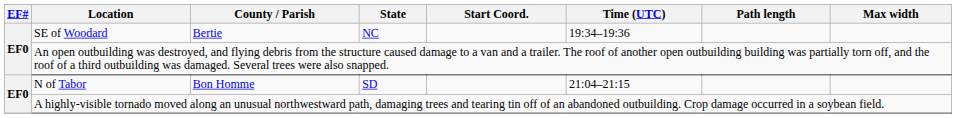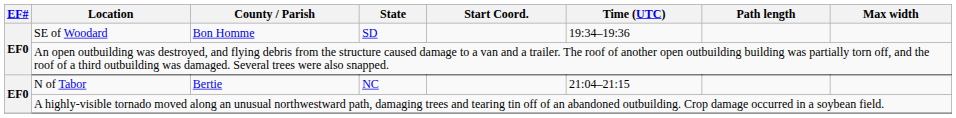 <table class="wikitable sortable" style="width:100%;">
 <tr>
 <th scope="col" width="2%" align="center"><a href='#'>EF#</a></th>
 <th scope="col" align="center" class="unsortable">Location</th>
 <th scope="col" align="center" class="unsortable">County / Parish</th>
 <th scope="col" align="center">State</th>
 <th scope="col" align="center">Start Coord.</th>
 <th scope="col" align="center">Time (<a href='#'>UTC</a>)</th>
 <th scope="col" align="center">Path length</th>
 <th scope="col" align="center">Max width</th>
 </tr>
 <tr>
 <th scope="row" rowspan="2" style="background-color:#">EF0</th>
 <td>SE of <a href='#'>Woodard</a></td>
-<td><a href='#'>Bertie</a></td>
-<td><a href='#'>NC</a></td>
+<td><a href='#'>Bon Homme</a></td>
+<td><a href='#'>SD</a></td>
 <td></td>
 <td>19:34–19:36</td>
 <td></td>
 <td></td>
 </tr>
 <tr class="expand-child">
 <td colspan="8" style=" border-bottom: 1px solid black;">An open outbuilding was destroyed, and flying debris from the structure caused damage to a van and a trailer. The roof of another open outbuilding building was partially torn off, and the roof of a third outbuilding was damaged. Several trees were also snapped.</td>
 </tr>
 <tr>
 <th scope="row" rowspan="2" style="background-color:#">EF0</th>
 <td>N of <a href='#'>Tabor</a></td>
-<td><a href='#'>Bon Homme</a></td>
-<td><a href='#'>SD</a></td>
+<td><a href='#'>Bertie</a></td>
+<td><a href='#'>NC</a></td>
 <td></td>
 <td>21:04–21:15</td>
 <td></td>
 <td></td>
 </tr>
 <tr class="expand-child">
 <td colspan="8" style=" border-bottom: 1px solid black;">A highly-visible tornado moved along an unusual northwestward path, damaging trees and tearing tin off of an abandoned outbuilding. Crop damage occurred in a soybean field.</td>
 </tr>
 <tr>
 </tr>
 </table>
